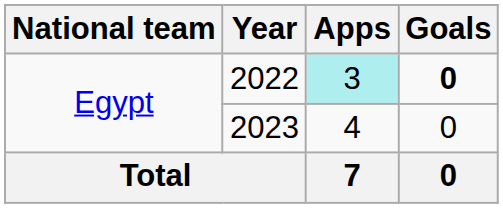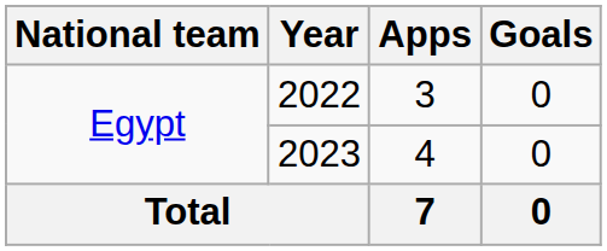 <table class="wikitable" style="text-align:center">
 <tr>
 <th>National team</th>
 <th>Year</th>
 <th>Apps</th>
 <th>Goals</th>
 </tr>
 <tr>
 <td rowspan="2"><a href='#'>Egypt</a></td>
 <td>2022</td>
-<td style="background: paleturquoise;">3</td>
-<td><strong>0</strong></td>
+<td>3</td>
+<td>0</td>
 </tr>
 <tr>
 <td>2023</td>
 <td>4</td>
 <td>0</td>
 </tr>
 <tr>
 <th colspan="2">Total</th>
 <th>7</th>
 <th>0</th>
 </tr>
 </table>
